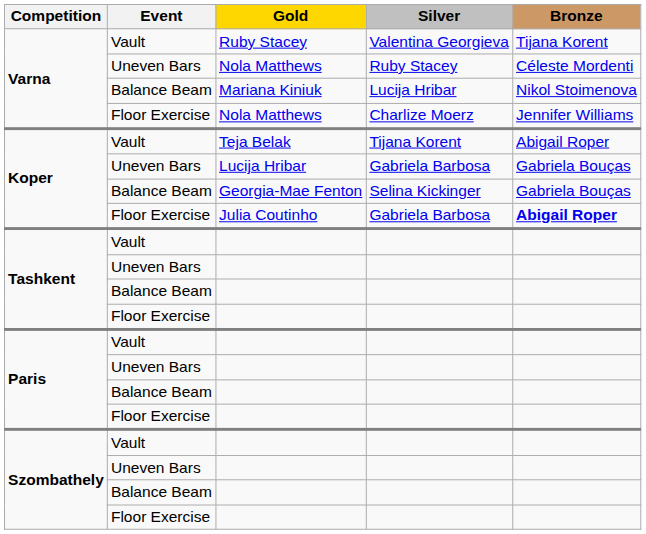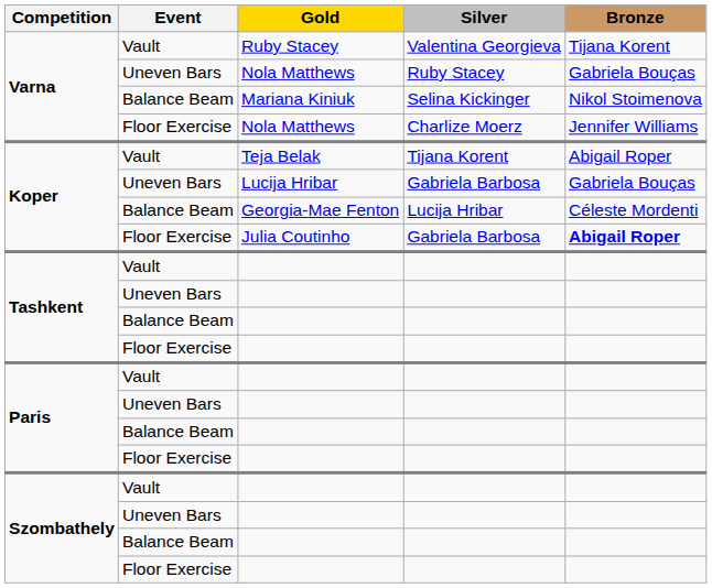 <table class="wikitable">
 <tr>
 <th style="text-align:center;">Competition</th>
 <th style="text-align:center;">Event</th>
 <td style="text-align:center; background:gold;"><strong>Gold</strong></td>
 <td style="text-align:center; background:silver;"><strong>Silver</strong></td>
 <td style="text-align:center; background:#c96;"><strong>Bronze</strong></td>
 </tr>
 <tr>
 <td rowspan=4><strong>Varna</strong></td>
 <td>Vault</td>
 <td> <a href='#'>Ruby Stacey</a></td>
 <td> <a href='#'>Valentina Georgieva</a></td>
 <td> <a href='#'>Tijana Korent</a></td>
 </tr>
 <tr>
 <td>Uneven Bars</td>
 <td> <a href='#'>Nola Matthews</a></td>
 <td> <a href='#'>Ruby Stacey</a></td>
-<td> <a href='#'>Céleste Mordenti</a></td>
+<td> <a href='#'>Gabriela Bouças</a></td>
 </tr>
 <tr>
 <td>Balance Beam</td>
 <td> <a href='#'>Mariana Kiniuk</a></td>
-<td> <a href='#'>Lucija Hribar</a></td>
+<td> <a href='#'>Selina Kickinger</a></td>
 <td> <a href='#'>Nikol Stoimenova</a></td>
 </tr>
 <tr>
 <td>Floor Exercise</td>
 <td> <a href='#'>Nola Matthews</a></td>
 <td> <a href='#'>Charlize Moerz</a></td>
 <td> <a href='#'>Jennifer Williams</a></td>
 </tr>
 <tr style="border-top: 3px solid grey;">
 <td rowspan=4><strong>Koper</strong></td>
 <td>Vault</td>
 <td> <a href='#'>Teja Belak</a></td>
 <td> <a href='#'>Tijana Korent</a></td>
 <td> <a href='#'>Abigail Roper</a></td>
 </tr>
 <tr>
 <td>Uneven Bars</td>
 <td> <a href='#'>Lucija Hribar</a></td>
 <td> <a href='#'>Gabriela Barbosa</a></td>
 <td> <a href='#'>Gabriela Bouças</a></td>
 </tr>
 <tr>
 <td>Balance Beam</td>
 <td> <a href='#'>Georgia-Mae Fenton</a></td>
-<td> <a href='#'>Selina Kickinger</a></td>
-<td> <a href='#'>Gabriela Bouças</a></td>
+<td> <a href='#'>Lucija Hribar</a></td>
+<td> <a href='#'>Céleste Mordenti</a></td>
 </tr>
 <tr>
 <td>Floor Exercise</td>
 <td> <a href='#'>Julia Coutinho</a></td>
 <td> <a href='#'>Gabriela Barbosa</a></td>
 <td><strong> <a href='#'>Abigail Roper</a></strong></td>
 </tr>
 <tr style="border-top: 3px solid grey;">
 <td rowspan=4><strong>Tashkent</strong></td>
 <td>Vault</td>
 <td></td>
 <td></td>
 <td></td>
 </tr>
 <tr>
 <td>Uneven Bars</td>
 <td></td>
 <td></td>
 <td></td>
 </tr>
 <tr>
 <td>Balance Beam</td>
 <td></td>
 <td></td>
 <td></td>
 </tr>
 <tr>
 <td>Floor Exercise</td>
 <td></td>
 <td></td>
 <td></td>
 </tr>
 <tr style="border-top: 3px solid grey;">
 <td rowspan=4><strong>Paris</strong></td>
 <td>Vault</td>
 <td></td>
 <td></td>
 <td></td>
 </tr>
 <tr>
 <td>Uneven Bars</td>
 <td></td>
 <td></td>
 <td></td>
 </tr>
 <tr>
 <td>Balance Beam</td>
 <td></td>
 <td></td>
 <td></td>
 </tr>
 <tr>
 <td>Floor Exercise</td>
 <td></td>
 <td></td>
 <td></td>
 </tr>
 <tr style="border-top: 3px solid grey;">
 <td rowspan=4><strong>Szombathely</strong></td>
 <td>Vault</td>
 <td></td>
 <td></td>
 <td></td>
 </tr>
 <tr>
 <td>Uneven Bars</td>
 <td></td>
 <td></td>
 <td></td>
 </tr>
 <tr>
 <td>Balance Beam</td>
 <td></td>
 <td></td>
 <td></td>
 </tr>
 <tr>
 <td>Floor Exercise</td>
 <td></td>
 <td></td>
 <td></td>
 </tr>
 </table>
